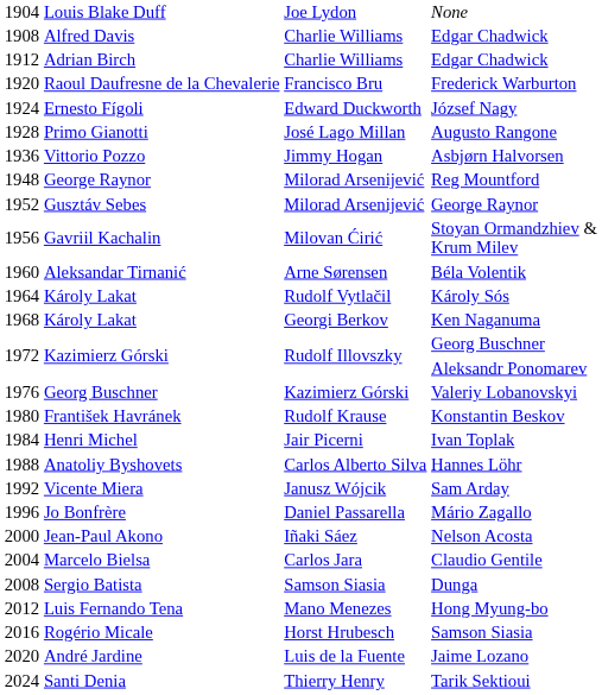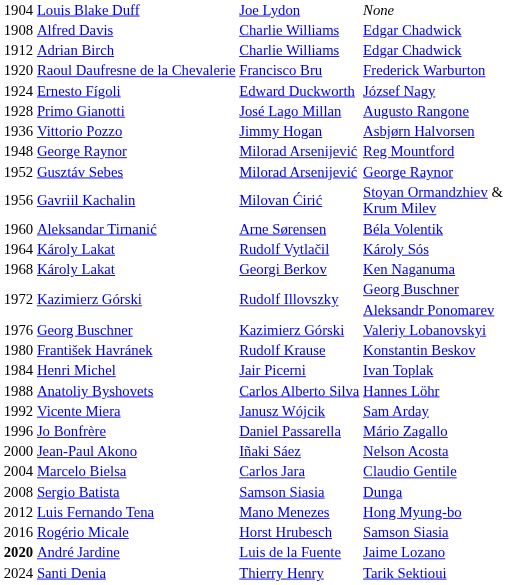 <table>
 <tr>
 <td>1904</td>
 <td> <a href='#'>Louis Blake Duff</a></td>
 <td> <a href='#'>Joe Lydon</a></td>
 <td><em>None</em></td>
 </tr>
 <tr>
 <td>1908</td>
 <td> <a href='#'>Alfred Davis</a></td>
 <td> <a href='#'>Charlie Williams</a></td>
 <td> <a href='#'>Edgar Chadwick</a></td>
 </tr>
 <tr>
 <td>1912</td>
 <td> <a href='#'>Adrian Birch</a></td>
 <td> <a href='#'>Charlie Williams</a></td>
 <td> <a href='#'>Edgar Chadwick</a></td>
 </tr>
 <tr>
 <td>1920</td>
 <td> <a href='#'>Raoul Daufresne de la Chevalerie</a></td>
 <td> <a href='#'>Francisco Bru</a></td>
 <td> <a href='#'>Frederick Warburton</a></td>
 </tr>
 <tr>
 <td>1924</td>
 <td> <a href='#'>Ernesto Fígoli</a></td>
 <td> <a href='#'>Edward Duckworth</a></td>
 <td> <a href='#'>József Nagy</a></td>
 </tr>
 <tr>
 <td>1928</td>
 <td> <a href='#'>Primo Gianotti</a></td>
 <td> <a href='#'>José Lago Millan</a></td>
 <td> <a href='#'>Augusto Rangone</a></td>
 </tr>
 <tr>
 <td>1936</td>
 <td> <a href='#'>Vittorio Pozzo</a></td>
 <td> <a href='#'>Jimmy Hogan</a></td>
 <td> <a href='#'>Asbjørn Halvorsen</a></td>
 </tr>
 <tr>
 <td>1948</td>
 <td> <a href='#'>George Raynor</a></td>
 <td> <a href='#'>Milorad Arsenijević</a></td>
 <td> <a href='#'>Reg Mountford</a></td>
 </tr>
 <tr>
 <td>1952</td>
 <td> <a href='#'>Gusztáv Sebes</a></td>
 <td> <a href='#'>Milorad Arsenijević</a></td>
 <td> <a href='#'>George Raynor</a></td>
 </tr>
 <tr>
 <td>1956</td>
 <td> <a href='#'>Gavriil Kachalin</a></td>
 <td> <a href='#'>Milovan Ćirić</a></td>
 <td> <a href='#'>Stoyan Ormandzhiev</a> & <br>  <a href='#'>Krum Milev</a></td>
 </tr>
 <tr>
 <td>1960</td>
 <td> <a href='#'>Aleksandar Tirnanić</a></td>
 <td> <a href='#'>Arne Sørensen</a></td>
 <td> <a href='#'>Béla Volentik</a></td>
 </tr>
 <tr>
 <td>1964</td>
 <td> <a href='#'>Károly Lakat</a></td>
 <td> <a href='#'>Rudolf Vytlačil</a></td>
 <td> <a href='#'>Károly Sós</a></td>
 </tr>
 <tr>
 <td>1968</td>
 <td> <a href='#'>Károly Lakat</a></td>
 <td> <a href='#'>Georgi Berkov</a></td>
 <td> <a href='#'>Ken Naganuma</a></td>
 </tr>
 <tr>
 <td rowspan=2>1972</td>
 <td rowspan=2> <a href='#'>Kazimierz Górski</a></td>
 <td rowspan=2> <a href='#'>Rudolf Illovszky</a></td>
 <td> <a href='#'>Georg Buschner</a></td>
 </tr>
 <tr>
 <td> <a href='#'>Aleksandr Ponomarev</a></td>
 </tr>
 <tr>
 <td>1976</td>
 <td> <a href='#'>Georg Buschner</a></td>
 <td> <a href='#'>Kazimierz Górski</a></td>
 <td> <a href='#'>Valeriy Lobanovskyi</a></td>
 </tr>
 <tr>
 <td>1980</td>
 <td> <a href='#'>František Havránek</a></td>
 <td> <a href='#'>Rudolf Krause</a></td>
 <td> <a href='#'>Konstantin Beskov</a></td>
 </tr>
 <tr>
 <td>1984</td>
 <td> <a href='#'>Henri Michel</a></td>
 <td> <a href='#'>Jair Picerni</a></td>
 <td> <a href='#'>Ivan Toplak</a></td>
 </tr>
 <tr>
 <td>1988</td>
 <td> <a href='#'>Anatoliy Byshovets</a></td>
 <td> <a href='#'>Carlos Alberto Silva</a></td>
 <td> <a href='#'>Hannes Löhr</a></td>
 </tr>
 <tr>
 <td>1992</td>
 <td> <a href='#'>Vicente Miera</a></td>
 <td> <a href='#'>Janusz Wójcik</a></td>
 <td> <a href='#'>Sam Arday</a></td>
 </tr>
 <tr>
 <td>1996</td>
 <td> <a href='#'>Jo Bonfrère</a></td>
 <td> <a href='#'>Daniel Passarella</a></td>
 <td> <a href='#'>Mário Zagallo</a></td>
 </tr>
 <tr>
 <td>2000</td>
 <td> <a href='#'>Jean-Paul Akono</a></td>
 <td> <a href='#'>Iñaki Sáez</a></td>
 <td> <a href='#'>Nelson Acosta</a></td>
 </tr>
 <tr>
 <td>2004</td>
 <td> <a href='#'>Marcelo Bielsa</a></td>
 <td> <a href='#'>Carlos Jara</a></td>
 <td> <a href='#'>Claudio Gentile</a></td>
 </tr>
 <tr>
 <td>2008</td>
 <td> <a href='#'>Sergio Batista</a></td>
 <td> <a href='#'>Samson Siasia</a></td>
 <td> <a href='#'>Dunga</a></td>
 </tr>
 <tr>
 <td>2012</td>
 <td> <a href='#'>Luis Fernando Tena</a></td>
 <td> <a href='#'>Mano Menezes</a></td>
 <td> <a href='#'>Hong Myung-bo</a></td>
 </tr>
 <tr>
 <td>2016</td>
 <td> <a href='#'>Rogério Micale</a></td>
 <td> <a href='#'>Horst Hrubesch</a></td>
 <td> <a href='#'>Samson Siasia</a></td>
 </tr>
 <tr>
-<td>2020</td>
+<td><strong>2020</strong></td>
 <td> <a href='#'>André Jardine</a></td>
 <td> <a href='#'>Luis de la Fuente</a></td>
 <td> <a href='#'>Jaime Lozano</a></td>
 </tr>
 <tr>
 <td>2024</td>
 <td> <a href='#'>Santi Denia</a></td>
 <td> <a href='#'>Thierry Henry</a></td>
 <td> <a href='#'>Tarik Sektioui</a></td>
 </tr>
 </table>
